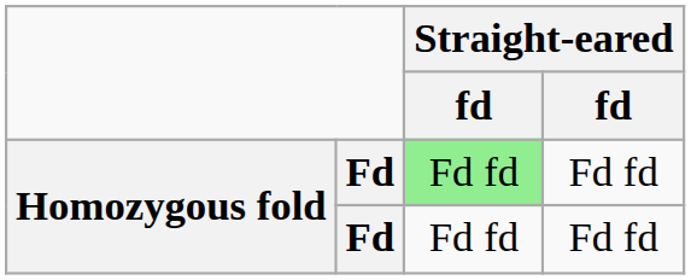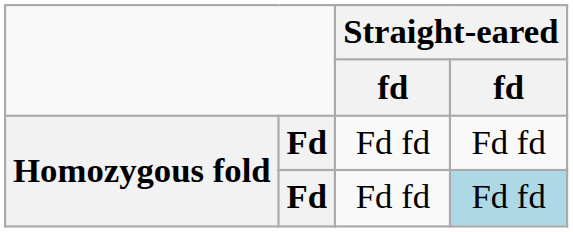 <table class="wikitable" style="text-align: center; ">
 <tr>
 <td colspan="2" rowspan="2"></td>
 <th colspan="2">Straight-eared</th>
 </tr>
 <tr>
 <th>fd</th>
 <th>fd</th>
 </tr>
 <tr>
 <th rowspan="2">Homozygous fold</th>
 <th>Fd</th>
-<td style="background: lightgreen;">Fd fd</td>
+<td>Fd fd</td>
 <td>Fd fd</td>
 </tr>
 <tr>
 <th>Fd</th>
 <td>Fd fd</td>
-<td>Fd fd</td>
+<td style="background: lightblue;">Fd fd</td>
 </tr>
 </table>
